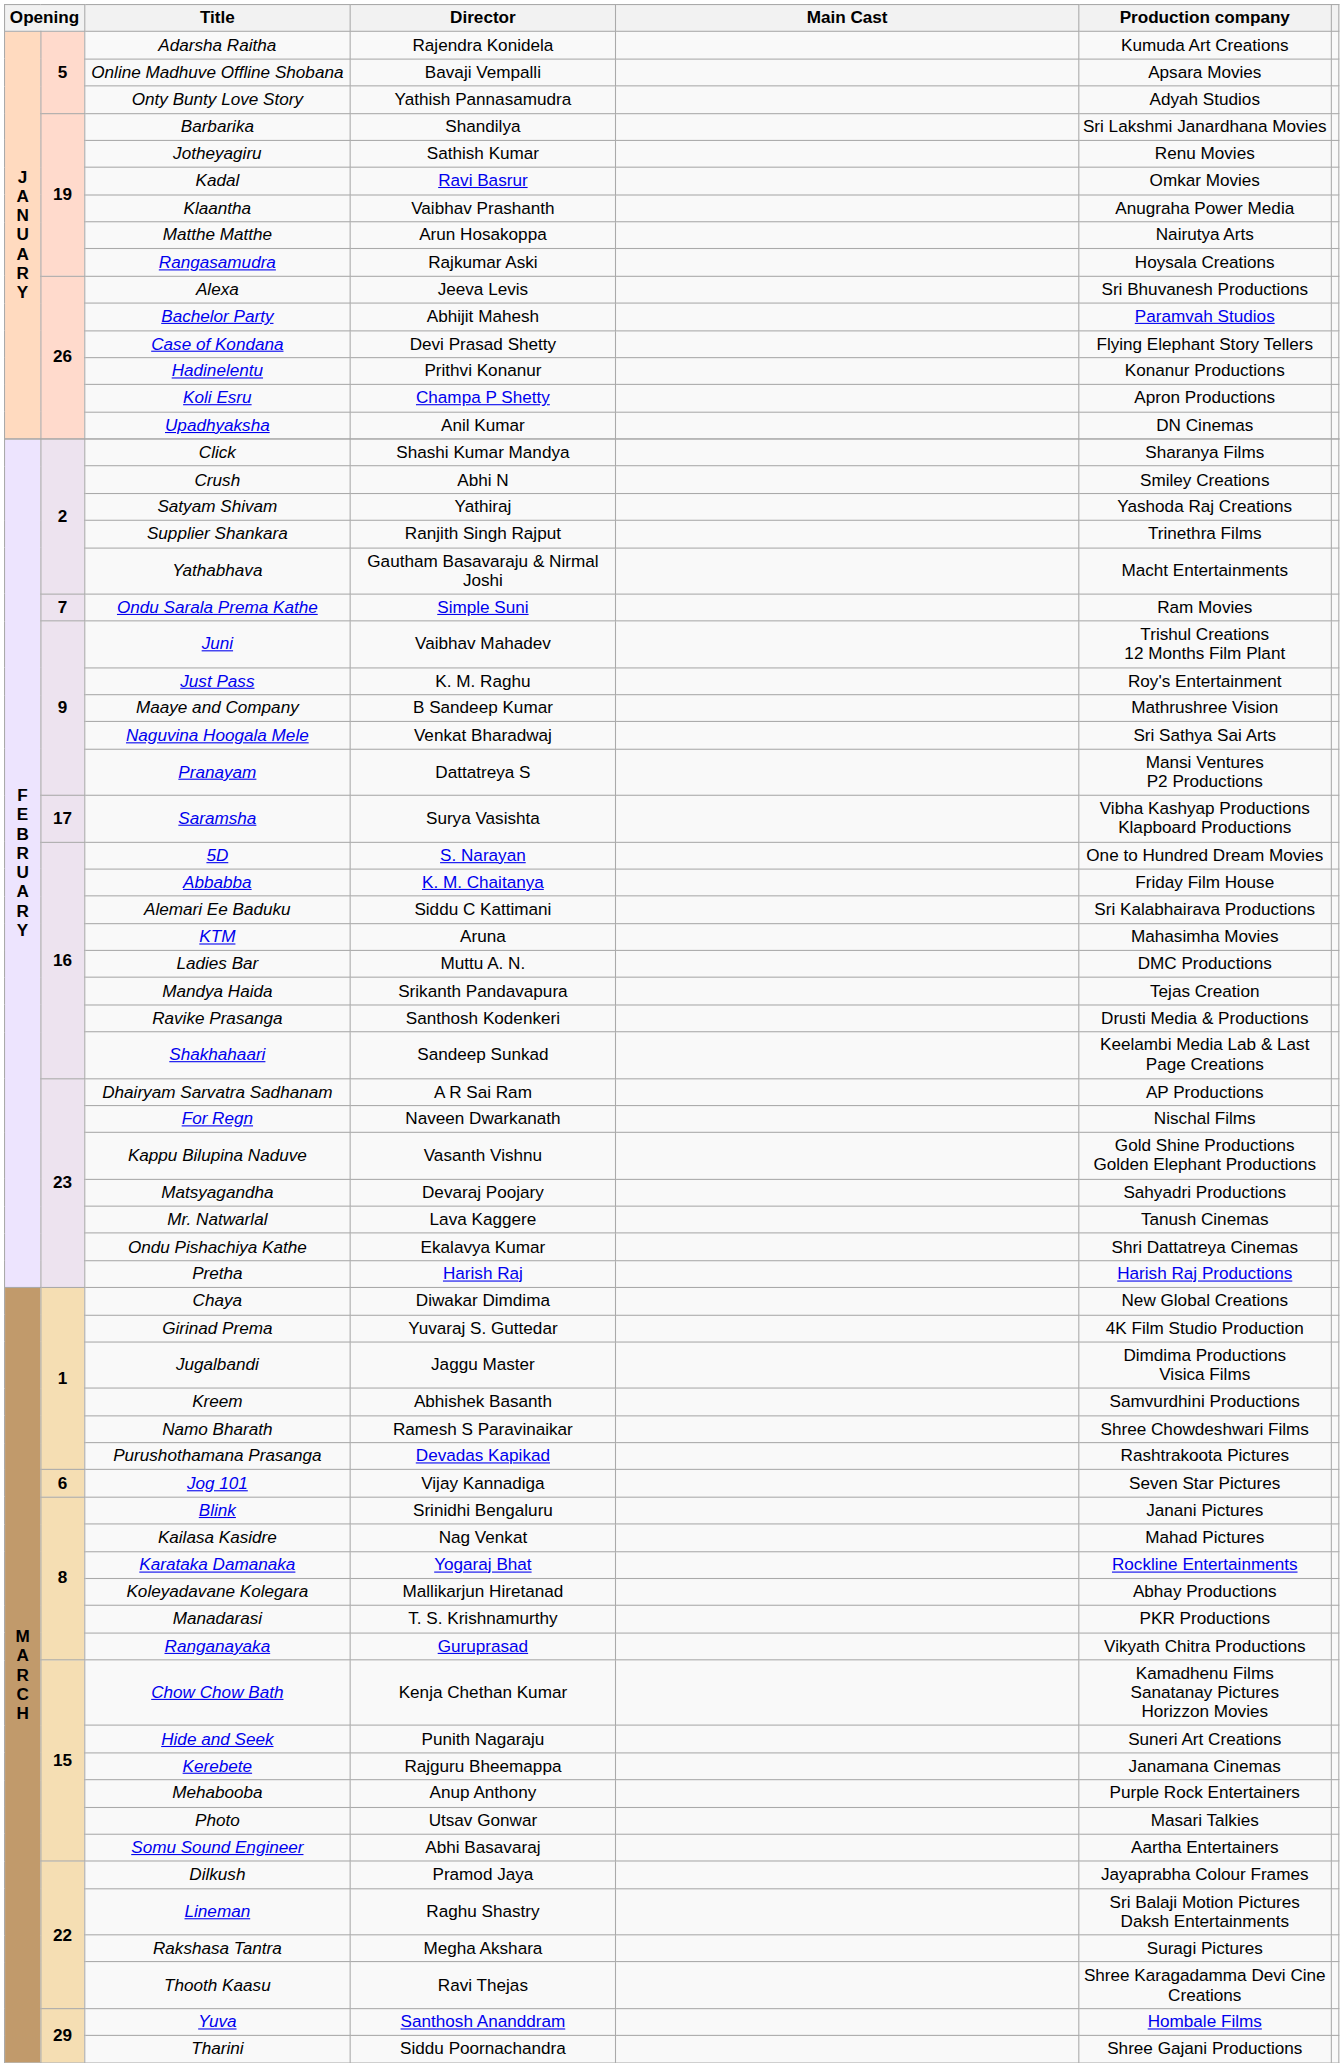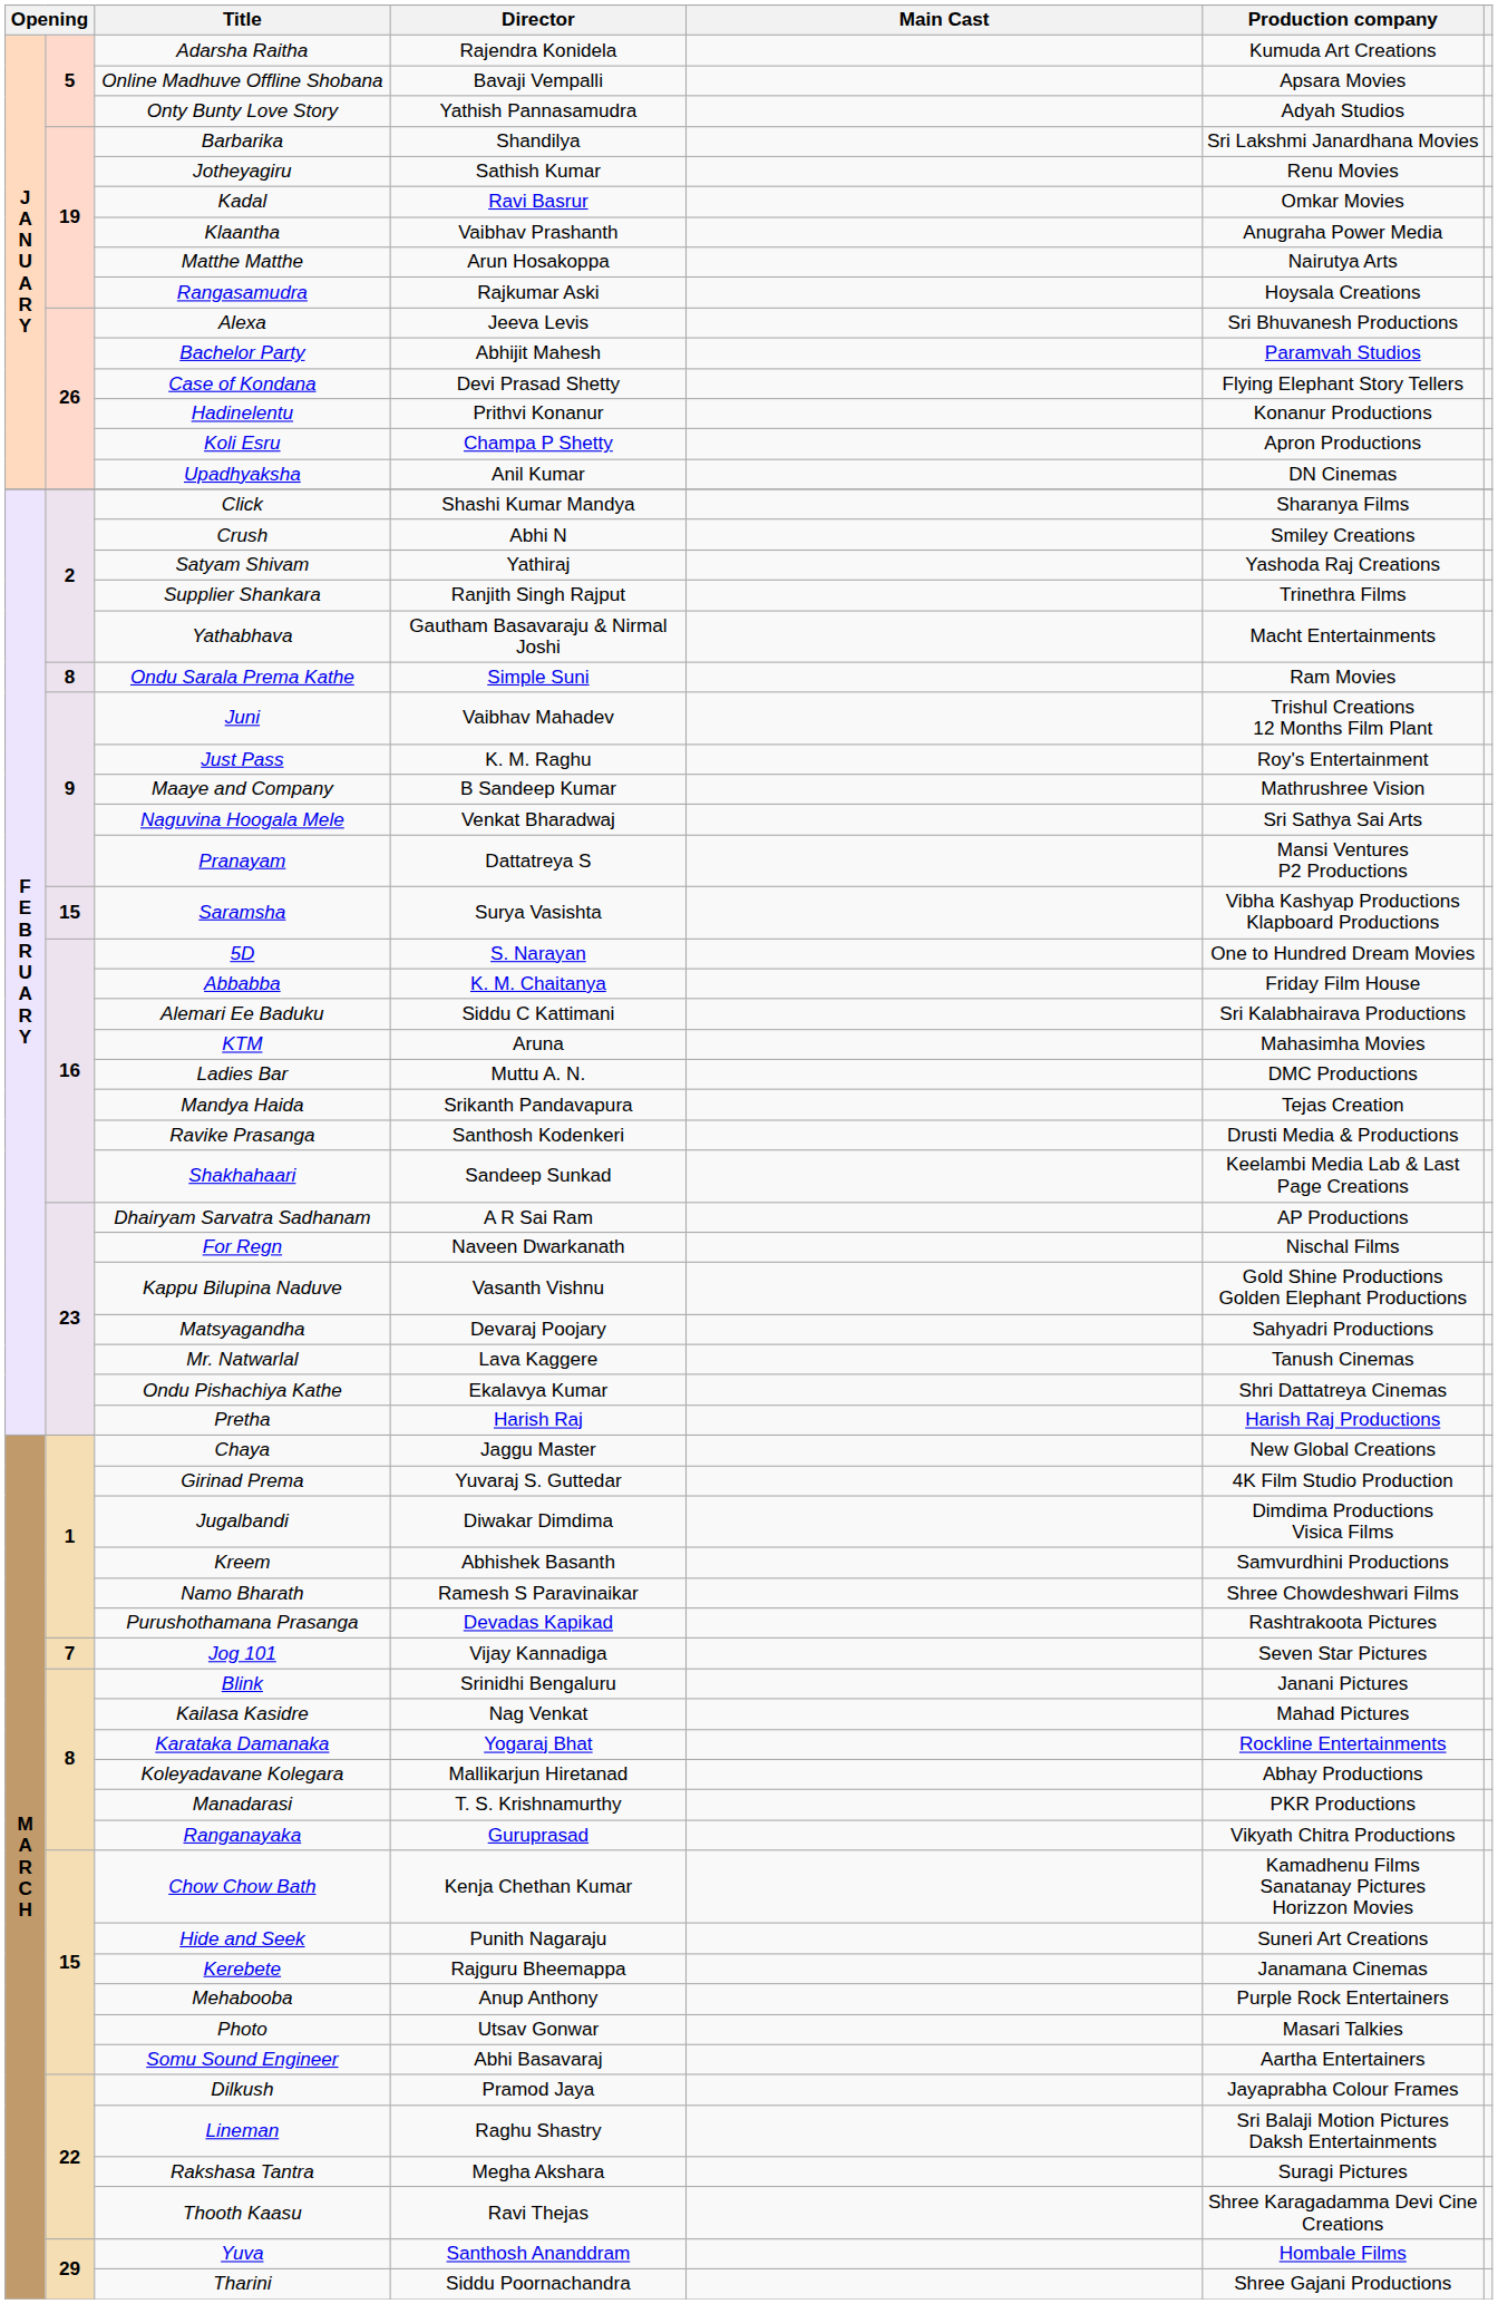 <table class="wikitable sortable">
 <tr>
 <th colspan="2" style="width:6%;"><strong>Opening</strong></th>
 <th style="width:20%;"><strong>Title</strong></th>
 <th style="width:20%;"><strong>Director</strong></th>
 <th style="width:35%;"><strong>Main Cast</strong></th>
 <th style="width:25%;"><strong>Production company</strong></th>
 <th style="width:1%;" class="unsortable"></th>
 </tr>
 <tr January!>
 <td rowspan="15" style="text-align:center;background:#ffdabf;"><strong>J<br>A<br>N<br>U<br>A<br>R<br>Y</strong></td>
 <td rowspan="3" style="text-align:center;background:#ffdacc;"><strong>5</strong></td>
 <td align="center"><em>Adarsha Raitha</em></td>
 <td align="center">Rajendra Konidela</td>
 <td align="center"></td>
 <td align="center">Kumuda Art Creations</td>
 <td></td>
 </tr>
 <tr>
 <td align="center"><em>Online Madhuve Offline Shobana</em></td>
 <td align="center">Bavaji Vempalli</td>
 <td align="center"></td>
 <td align="center">Apsara Movies</td>
 <td></td>
 </tr>
 <tr>
 <td align="center"><em>Onty Bunty Love Story</em></td>
 <td align="center">Yathish Pannasamudra</td>
 <td align="center"></td>
 <td align="center">Adyah Studios</td>
 <td></td>
 </tr>
 <tr>
 <td rowspan="6" style="text-align:center;background:#ffdacc;"><strong>19</strong></td>
 <td align="center"><em>Barbarika</em></td>
 <td align="center">Shandilya</td>
 <td align="center"></td>
 <td align="center">Sri Lakshmi Janardhana Movies</td>
 <td></td>
 </tr>
 <tr>
 <td align="center"><em>Jotheyagiru</em></td>
 <td align="center">Sathish Kumar</td>
 <td align="center"></td>
 <td align="center">Renu Movies</td>
 <td></td>
 </tr>
 <tr>
 <td align="center"><em>Kadal</em></td>
 <td align="center"><a href='#'>Ravi Basrur</a></td>
 <td align="center"></td>
 <td align="center">Omkar Movies</td>
 <td></td>
 </tr>
 <tr>
 <td align="center"><em>Klaantha</em></td>
 <td align="center">Vaibhav Prashanth</td>
 <td align="center"></td>
 <td align="center">Anugraha Power Media</td>
 <td></td>
 </tr>
 <tr>
 <td align="center"><em>Matthe Matthe</em></td>
 <td align="center">Arun Hosakoppa</td>
 <td align="center"></td>
 <td align="center">Nairutya Arts</td>
 <td></td>
 </tr>
 <tr>
 <td align="center"><em><a href='#'>Rangasamudra</a></em></td>
 <td align="center">Rajkumar Aski</td>
 <td align="center"></td>
 <td align="center">Hoysala Creations</td>
 <td></td>
 </tr>
 <tr>
 <td rowspan="6" style="text-align:center;background:#ffdacc;"><strong>26</strong></td>
 <td align="center"><em>Alexa</em></td>
 <td align="center">Jeeva Levis</td>
 <td align="center"></td>
 <td align="center">Sri Bhuvanesh Productions</td>
 <td></td>
 </tr>
 <tr>
 <td align="center"><em><a href='#'>Bachelor Party</a></em></td>
 <td align="center">Abhijit Mahesh</td>
 <td align="center"></td>
 <td align="center"><a href='#'>Paramvah Studios</a></td>
 <td></td>
 </tr>
 <tr>
 <td align="center"><em><a href='#'>Case of Kondana</a></em></td>
 <td align="center">Devi Prasad Shetty</td>
 <td align="center"></td>
 <td align="center">Flying Elephant Story Tellers</td>
 <td></td>
 </tr>
 <tr>
 <td align="center"><em><a href='#'>Hadinelentu</a></em></td>
 <td align="center">Prithvi Konanur</td>
 <td align="center"></td>
 <td align="center">Konanur Productions</td>
 <td></td>
 </tr>
 <tr>
 <td align="center"><em><a href='#'>Koli Esru</a></em></td>
 <td align="center"><a href='#'>Champa P Shetty</a></td>
 <td align="center"></td>
 <td align="center">Apron Productions</td>
 <td></td>
 </tr>
 <tr>
 <td align="center"><em><a href='#'>Upadhyaksha</a></em></td>
 <td align="center">Anil Kumar</td>
 <td align="center"></td>
 <td align="center">DN Cinemas</td>
 <td></td>
 </tr>
 <tr>
 </tr>
 <tr February!>
 <td rowspan="27" style="text-align:center;background:#ede4fe;"><strong>F<br>E<br>B<br>R<br>U<br>A<br>R<br>Y</strong></td>
 <td rowspan="5" style="text-align:center;background:#ede3ef;"><strong>2</strong></td>
 <td align="center"><em>Click</em></td>
 <td align="center">Shashi Kumar Mandya</td>
 <td align="center"></td>
 <td align="center">Sharanya Films</td>
 <td></td>
 </tr>
 <tr>
 <td align="center"><em>Crush</em></td>
 <td align="center">Abhi N</td>
 <td align="center"></td>
 <td align="center">Smiley Creations</td>
 <td></td>
 </tr>
 <tr>
 <td align="center"><em>Satyam Shivam</em></td>
 <td align="center">Yathiraj</td>
 <td align="center"></td>
 <td align="center">Yashoda Raj Creations</td>
 <td></td>
 </tr>
 <tr>
 <td align="center"><em>Supplier Shankara</em></td>
 <td align="center">Ranjith Singh Rajput</td>
 <td align="center"></td>
 <td align="center">Trinethra Films</td>
 <td></td>
 </tr>
 <tr>
 <td align="center"><em>Yathabhava</em></td>
 <td align="center">Gautham Basavaraju & Nirmal Joshi</td>
 <td align="center"></td>
 <td align="center">Macht Entertainments</td>
 <td></td>
 </tr>
 <tr>
-<td rowspan="1" style="text-align:center;background:#ede3ef;"><strong>7</strong></td>
+<td rowspan="1" style="text-align:center;background:#ede3ef;"><strong>8</strong></td>
 <td align="center"><em><a href='#'>Ondu Sarala Prema Kathe</a></em></td>
 <td align="center"><a href='#'>Simple Suni</a></td>
 <td align="center"></td>
 <td align="center">Ram Movies</td>
 <td></td>
 </tr>
 <tr>
 <td rowspan="5" style="text-align:center;background:#ede3ef;"><strong>9</strong></td>
 <td align="center"><em><a href='#'>Juni</a></em></td>
 <td align="center">Vaibhav Mahadev</td>
 <td align="center"></td>
 <td align="center">Trishul Creations <br> 12 Months Film Plant</td>
 <td></td>
 </tr>
 <tr>
 <td align="center"><em><a href='#'>Just Pass</a></em></td>
 <td align="center">K. M. Raghu</td>
 <td align="center"></td>
 <td align="center">Roy's Entertainment</td>
 <td></td>
 </tr>
 <tr>
 <td align="center"><em>Maaye and Company</em></td>
 <td align="center">B Sandeep Kumar</td>
 <td align="center"></td>
 <td align="center">Mathrushree Vision</td>
 <td></td>
 </tr>
 <tr>
 <td align="center"><em><a href='#'>Naguvina Hoogala Mele</a></em></td>
 <td align="center">Venkat Bharadwaj</td>
 <td align="center"></td>
 <td align="center">Sri Sathya Sai Arts</td>
 <td></td>
 </tr>
 <tr>
 <td align="center"><em><a href='#'>Pranayam</a></em></td>
 <td align="center">Dattatreya S</td>
 <td align="center"></td>
 <td align="center">Mansi Ventures <br> P2 Productions</td>
 <td></td>
 </tr>
 <tr>
-<td rowspan="1" style="text-align:center;background:#ede3ef;"><strong>17</strong></td>
+<td rowspan="1" style="text-align:center;background:#ede3ef;"><strong>15</strong></td>
 <td align="center"><em><a href='#'>Saramsha</a></em></td>
 <td align="center">Surya Vasishta</td>
 <td align="center"></td>
 <td align="center">Vibha Kashyap Productions <br> Klapboard Productions</td>
 <td></td>
 </tr>
 <tr>
 <td rowspan="8" style="text-align:center;background:#ede3ef;"><strong>16</strong></td>
 <td align="center"><em><a href='#'>5D</a></em></td>
 <td align="center"><a href='#'>S. Narayan</a></td>
 <td align="center"></td>
 <td align="center">One to Hundred Dream Movies</td>
 <td></td>
 </tr>
 <tr>
 <td align="center"><em><a href='#'>Abbabba</a></em></td>
 <td align="center"><a href='#'>K. M. Chaitanya</a></td>
 <td align="center"></td>
 <td align="center">Friday Film House</td>
 <td></td>
 </tr>
 <tr>
 <td align="center"><em>Alemari Ee Baduku</em></td>
 <td align="center">Siddu C Kattimani</td>
 <td align="center"></td>
 <td align="center">Sri Kalabhairava Productions</td>
 <td></td>
 </tr>
 <tr>
 <td align="center"><em><a href='#'>KTM</a></em></td>
 <td align="center">Aruna</td>
 <td align="center"></td>
 <td align="center">Mahasimha Movies</td>
 <td></td>
 </tr>
 <tr>
 <td align="center"><em>Ladies Bar</em></td>
 <td align="center">Muttu A. N.</td>
 <td align="center"></td>
 <td align="center">DMC Productions</td>
 <td></td>
 </tr>
 <tr>
 <td align="center"><em>Mandya Haida</em></td>
 <td align="center">Srikanth Pandavapura</td>
 <td align="center"></td>
 <td align="center">Tejas Creation</td>
 <td></td>
 </tr>
 <tr>
 <td align="center"><em>Ravike Prasanga</em></td>
 <td align="center">Santhosh Kodenkeri</td>
 <td align="center"></td>
 <td align="center">Drusti Media & Productions</td>
 <td></td>
 </tr>
 <tr>
 <td align="center"><em><a href='#'>Shakhahaari</a></em></td>
 <td align="center">Sandeep Sunkad</td>
 <td align="center"></td>
 <td align="center">Keelambi Media Lab & Last Page Creations</td>
 <td></td>
 </tr>
 <tr>
 <td rowspan="7" style="text-align:center;background:#ede3ef;"><strong>23</strong></td>
 <td align="center"><em>Dhairyam Sarvatra Sadhanam</em></td>
 <td align="center">A R Sai Ram</td>
 <td align="center"></td>
 <td align="center">AP Productions</td>
 <td></td>
 </tr>
 <tr>
 <td align="center"><em><a href='#'>For Regn</a></em></td>
 <td align="center">Naveen Dwarkanath</td>
 <td align="center"></td>
 <td align="center">Nischal Films</td>
 <td></td>
 </tr>
 <tr>
 <td align="center"><em>Kappu Bilupina Naduve</em></td>
 <td align="center">Vasanth Vishnu</td>
 <td align="center"></td>
 <td align="center">Gold Shine Productions <br> Golden Elephant Productions</td>
 <td></td>
 </tr>
 <tr>
 <td align="center"><em>Matsyagandha</em></td>
 <td align="center">Devaraj Poojary</td>
 <td align="center"></td>
 <td align="center">Sahyadri Productions</td>
 <td></td>
 </tr>
 <tr>
 <td align="center"><em>Mr. Natwarlal</em></td>
 <td align="center">Lava Kaggere</td>
 <td align="center"></td>
 <td align="center">Tanush Cinemas</td>
 <td></td>
 </tr>
 <tr>
 <td align="center"><em>Ondu Pishachiya Kathe</em></td>
 <td align="center">Ekalavya Kumar</td>
 <td align="center"></td>
 <td align="center">Shri Dattatreya Cinemas</td>
 <td></td>
 </tr>
 <tr>
 <td align="center"><em>Pretha</em></td>
 <td align="center"><a href='#'>Harish Raj</a></td>
 <td align="center"></td>
 <td align="center"><a href='#'>Harish Raj Productions</a></td>
 <td></td>
 </tr>
 <tr>
 <td rowspan="25" style="text-align:center; background:#C19A6B; textcolor:#000;"><strong>M<br>A<br>R<br>C<br>H</strong></td>
 <td rowspan="6" style="text-align:center;background:#F5DEB3;"><strong>1</strong></td>
 <td align="center"><em>Chaya</em></td>
-<td align="center">Diwakar Dimdima</td>
+<td align="center">Jaggu Master</td>
 <td align="center"></td>
 <td align="center">New Global Creations</td>
 <td></td>
 </tr>
 <tr>
 <td align="center"><em>Girinad Prema</em></td>
 <td align="center">Yuvaraj S. Guttedar</td>
 <td align="center"></td>
 <td align="center">4K Film Studio Production</td>
 <td></td>
 </tr>
 <tr>
 <td align="center"><em>Jugalbandi</em></td>
-<td align="center">Jaggu Master</td>
+<td align="center">Diwakar Dimdima</td>
 <td align="center"></td>
 <td align="center">Dimdima Productions <br> Visica Films</td>
 <td></td>
 </tr>
 <tr>
 <td align="center"><em>Kreem</em></td>
 <td align="center">Abhishek Basanth</td>
 <td align="center"></td>
 <td align="center">Samvurdhini Productions</td>
 <td></td>
 </tr>
 <tr>
 <td align="center"><em>Namo Bharath</em></td>
 <td align="center">Ramesh S Paravinaikar</td>
 <td align="center"></td>
 <td align="center">Shree Chowdeshwari Films</td>
 <td></td>
 </tr>
 <tr>
 <td align="center"><em>Purushothamana Prasanga</em></td>
 <td align="center"><a href='#'>Devadas Kapikad</a></td>
 <td align="center"></td>
 <td align="center">Rashtrakoota Pictures</td>
 <td></td>
 </tr>
 <tr>
-<td rowspan="1" style="text-align:center;background:#F5DEB3;"><strong>6</strong></td>
+<td rowspan="1" style="text-align:center;background:#F5DEB3;"><strong>7</strong></td>
 <td align="center"><em><a href='#'>Jog 101</a></em></td>
 <td align="center">Vijay Kannadiga</td>
 <td align="center"></td>
 <td align="center">Seven Star Pictures</td>
 <td></td>
 </tr>
 <tr>
 <td rowspan="6" style="text-align:center;background:#F5DEB3;"><strong>8</strong></td>
 <td align="center"><em><a href='#'>Blink</a></em></td>
 <td align="center">Srinidhi Bengaluru</td>
 <td align="center"></td>
 <td align="center">Janani Pictures</td>
 <td></td>
 </tr>
 <tr>
 <td align="center"><em>Kailasa Kasidre</em></td>
 <td align="center">Nag Venkat</td>
 <td align="center"></td>
 <td align="center">Mahad Pictures</td>
 <td></td>
 </tr>
 <tr>
 <td align="center"><em><a href='#'>Karataka Damanaka</a></em></td>
 <td align="center"><a href='#'>Yogaraj Bhat</a></td>
 <td align="center"></td>
 <td align="center"><a href='#'>Rockline Entertainments</a></td>
 <td></td>
 </tr>
 <tr>
 <td align="center"><em>Koleyadavane Kolegara</em></td>
 <td align="center">Mallikarjun Hiretanad</td>
 <td align="center"></td>
 <td align="center">Abhay Productions</td>
 <td></td>
 </tr>
 <tr>
 <td align="center"><em>Manadarasi</em></td>
 <td align="center">T. S. Krishnamurthy</td>
 <td align="center"></td>
 <td align="center">PKR Productions</td>
 <td></td>
 </tr>
 <tr>
 <td align="center"><em><a href='#'>Ranganayaka</a></em></td>
 <td align="center"><a href='#'>Guruprasad</a></td>
 <td align="center"></td>
 <td align="center">Vikyath Chitra Productions</td>
 <td></td>
 </tr>
 <tr>
 <td rowspan="6" style="text-align:center;background:#F5DEB3;"><strong>15</strong></td>
 <td align="center"><em><a href='#'>Chow Chow Bath</a></em></td>
 <td align="center">Kenja Chethan Kumar</td>
 <td align="center"></td>
 <td align="center">Kamadhenu Films <br> Sanatanay Pictures <br> Horizzon Movies</td>
 <td></td>
 </tr>
 <tr>
 <td align="center"><em><a href='#'>Hide and Seek</a></em></td>
 <td align="center">Punith Nagaraju</td>
 <td align="center"></td>
 <td align="center">Suneri Art Creations</td>
 <td></td>
 </tr>
 <tr>
 <td align="center"><em><a href='#'>Kerebete</a></em></td>
 <td align="center">Rajguru Bheemappa</td>
 <td align="center"></td>
 <td align="center">Janamana Cinemas</td>
 <td></td>
 </tr>
 <tr>
 <td align="center"><em>Mehabooba</em></td>
 <td align="center">Anup Anthony</td>
 <td align="center"></td>
 <td align="center">Purple Rock Entertainers</td>
 <td></td>
 </tr>
 <tr>
 <td align="center"><em>Photo</em></td>
 <td align="center">Utsav Gonwar</td>
 <td align="center"></td>
 <td align="center">Masari Talkies</td>
 <td></td>
 </tr>
 <tr>
 <td align="center"><em><a href='#'>Somu Sound Engineer</a></em></td>
 <td align="center">Abhi Basavaraj</td>
 <td align="center"></td>
 <td align="center">Aartha Entertainers</td>
 <td></td>
 </tr>
 <tr>
 <td rowspan="4" style="text-align:center;background:#F5DEB3;"><strong>22</strong></td>
 <td align="center"><em>Dilkush</em></td>
 <td align="center">Pramod Jaya</td>
 <td align="center"></td>
 <td align="center">Jayaprabha Colour Frames</td>
 <td></td>
 </tr>
 <tr>
 <td align="center"><em><a href='#'>Lineman</a></em></td>
 <td align="center">Raghu Shastry</td>
 <td align="center"></td>
 <td align="center">Sri Balaji Motion Pictures <br> Daksh Entertainments</td>
 <td></td>
 </tr>
 <tr>
 <td align="center"><em>Rakshasa Tantra</em></td>
 <td align="center">Megha Akshara</td>
 <td align="center"></td>
 <td align="center">Suragi Pictures</td>
 <td></td>
 </tr>
 <tr>
 <td align="center"><em>Thooth Kaasu</em></td>
 <td align="center">Ravi Thejas</td>
 <td align="center"></td>
 <td align="center">Shree Karagadamma Devi Cine Creations</td>
 <td></td>
 </tr>
 <tr>
 <td rowspan="2" style="text-align:center;background:#F5DEB3;"><strong>29</strong></td>
 <td align="center"><em><a href='#'>Yuva</a></em></td>
 <td align="center"><a href='#'>Santhosh Ananddram</a></td>
 <td align="center"></td>
 <td align="center"><a href='#'>Hombale Films</a></td>
 <td></td>
 </tr>
 <tr>
 <td align="center"><em>Tharini</em></td>
 <td align="center">Siddu Poornachandra</td>
 <td align="center"></td>
 <td align="center">Shree Gajani Productions</td>
 <td></td>
 </tr>
 <tr>
 </tr>
 </table>
